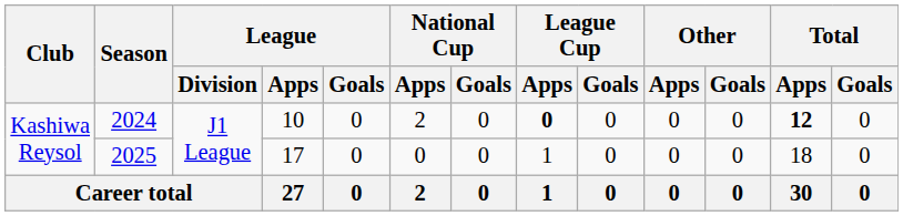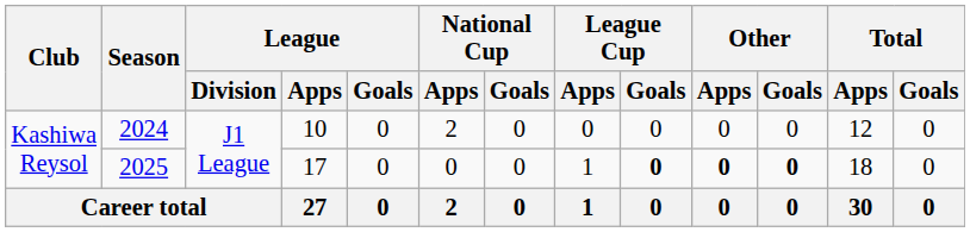 <table class=wikitable style=text-align:center>
 <tr>
 <th rowspan="2">Club</th>
 <th rowspan="2">Season</th>
 <th colspan="3">League</th>
 <th colspan="2">National Cup</th>
 <th colspan="2">League Cup</th>
 <th colspan="2">Other</th>
 <th colspan="2">Total</th>
 </tr>
 <tr>
 <th>Division</th>
 <th>Apps</th>
 <th>Goals</th>
 <th>Apps</th>
 <th>Goals</th>
 <th>Apps</th>
 <th>Goals</th>
 <th>Apps</th>
 <th>Goals</th>
 <th>Apps</th>
 <th>Goals</th>
 </tr>
 <tr>
 <td rowspan="2"><a href='#'>Kashiwa Reysol</a></td>
 <td><a href='#'>2024</a></td>
 <td rowspan="2"><a href='#'>J1 League</a></td>
 <td>10</td>
 <td>0</td>
 <td>2</td>
 <td>0</td>
-<td><strong>0</strong></td>
 <td>0</td>
 <td>0</td>
 <td>0</td>
-<td><strong>12</strong></td>
+<td>0</td>
+<td>12</td>
 <td>0</td>
 </tr>
 <tr>
 <td><a href='#'>2025</a></td>
 <td>17</td>
 <td>0</td>
 <td>0</td>
 <td>0</td>
 <td>1</td>
-<td>0</td>
-<td>0</td>
-<td>0</td>
+<td><strong>0</strong></td>
+<td><strong>0</strong></td>
+<td><strong>0</strong></td>
 <td>18</td>
 <td>0</td>
 </tr>
 <tr>
 <th colspan="3"><strong>Career total</strong></th>
 <th>27</th>
 <th>0</th>
 <th>2</th>
 <th>0</th>
 <th>1</th>
 <th>0</th>
 <th>0</th>
 <th>0</th>
 <th>30</th>
 <th>0</th>
 </tr>
 </table>
